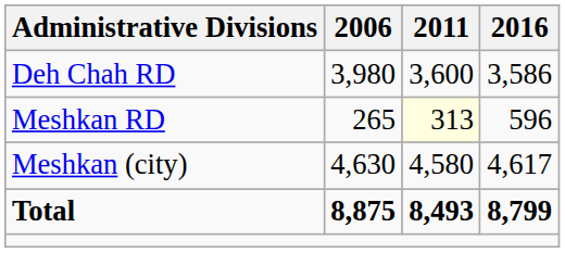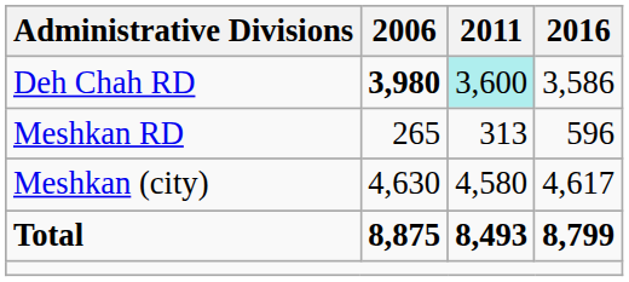 <table class="wikitable">
 <tr>
 <th>Administrative Divisions</th>
 <th>2006</th>
 <th>2011</th>
 <th>2016</th>
 </tr>
 <tr>
 <td><a href='#'>Deh Chah RD</a></td>
-<td style="text-align: right;">3,980</td>
-<td style="text-align: right;">3,600</td>
+<td style="text-align: right;"><strong>3,980</strong></td>
+<td style="background: paleturquoise; text-align: right;">3,600</td>
 <td style="text-align: right;">3,586</td>
 </tr>
 <tr>
 <td><a href='#'>Meshkan RD</a></td>
 <td style="text-align: right;">265</td>
-<td style="background: lightyellow; text-align: right;">313</td>
+<td style="text-align: right;">313</td>
 <td style="text-align: right;">596</td>
 </tr>
 <tr>
 <td><a href='#'>Meshkan</a> (city)</td>
 <td style="text-align: right;">4,630</td>
 <td style="text-align: right;">4,580</td>
 <td style="text-align: right;">4,617</td>
 </tr>
 <tr>
 <td><strong>Total</strong></td>
 <td style="text-align: right;"><strong>8,875</strong></td>
 <td style="text-align: right;"><strong>8,493</strong></td>
 <td style="text-align: right;"><strong>8,799</strong></td>
 </tr>
 <tr>
 <td colspan=4></td>
 </tr>
 </table>
